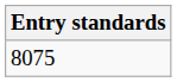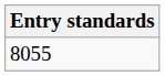 <table class="wikitable" border="1" align="upright">
 <tr>
 <th>Entry standards</th>
 </tr>
 <tr>
-<td>8075</td>
+<td>8055</td>
 </tr>
 </table>
